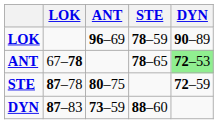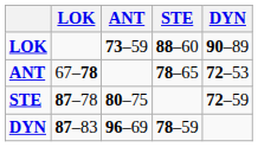 <table class="wikitable">
 <tr>
 <th></th>
 <th> <a href='#'>LOK</a></th>
 <th> <a href='#'>ANT</a></th>
 <th> <a href='#'>STE</a></th>
 <th> <a href='#'>DYN</a></th>
 </tr>
 <tr>
 <td> <a href='#'><strong>LOK</strong></a></td>
 <td></td>
-<td><strong>96</strong>–69</td>
-<td><strong>78</strong>–59</td>
+<td><strong>73</strong>–59</td>
+<td><strong>88</strong>–60</td>
 <td><strong>90</strong>–89</td>
 </tr>
 <tr>
 <td> <a href='#'><strong>ANT</strong></a></td>
 <td>67–<strong>78</strong></td>
 <td></td>
 <td><strong>78</strong>–65</td>
-<td style="background: lightgreen;"><strong>72</strong>–53</td>
+<td><strong>72</strong>–53</td>
 </tr>
 <tr>
 <td> <a href='#'><strong>STE</strong></a></td>
 <td><strong>87</strong>–78</td>
 <td><strong>80</strong>–75</td>
 <td></td>
 <td><strong>72</strong>–59</td>
 </tr>
 <tr>
 <td> <a href='#'><strong>DYN</strong></a></td>
 <td><strong>87</strong>–83</td>
-<td><strong>73</strong>–59</td>
-<td><strong>88</strong>–60</td>
+<td><strong>96</strong>–69</td>
+<td><strong>78</strong>–59</td>
 <td></td>
 </tr>
 </table>
